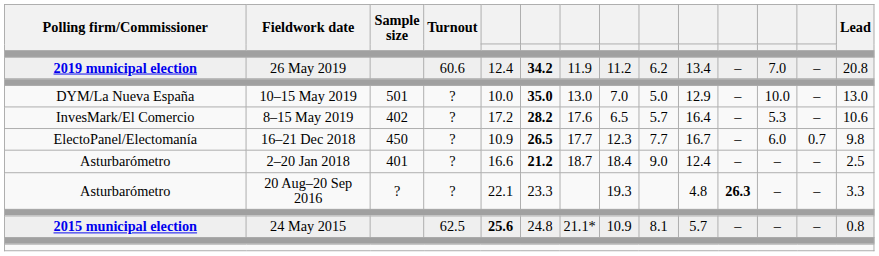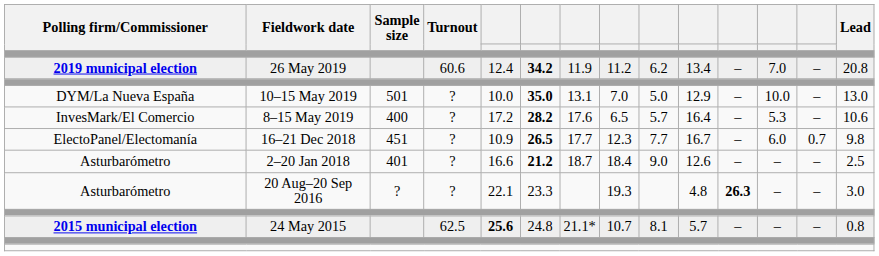 <table class="wikitable collapsible collapsed" style="text-align:center; font-size:95%; line-height:16px;">
 <tr style="height:42px;">
 <th style="width:250px;" rowspan="2">Polling firm/Commissioner</th>
 <th style="width:125px;" rowspan="2">Fieldwork date</th>
 <th style="width:50px;" rowspan="2">Sample size</th>
 <th style="width:45px;" rowspan="2">Turnout</th>
 <th style="width:35px;"></th>
 <th style="width:35px;"></th>
 <th style="width:35px;"></th>
 <th style="width:35px;"></th>
 <th style="width:35px;"></th>
 <th style="width:35px;"></th>
 <th style="width:35px;"></th>
 <th style="width:35px;"></th>
 <th style="width:35px;"></th>
 <th style="width:30px;" rowspan="2">Lead</th>
 </tr>
 <tr>
 <th style="color:inherit;background:"></th>
 <th style="color:inherit;background:"></th>
 <th style="color:inherit;background:"></th>
 <th style="color:inherit;background:"></th>
 <th style="color:inherit;background:"></th>
 <th style="color:inherit;background:"></th>
 <th style="color:inherit;background:"></th>
 <th style="color:inherit;background:"></th>
 <th style="color:inherit;background:"></th>
 </tr>
 <tr>
 <td colspan="14" style="background:#A0A0A0"></td>
 </tr>
 <tr style="background:#EFEFEF;">
 <td><strong><a href='#'>2019 municipal election</a></strong></td>
 <td>26 May 2019</td>
 <td></td>
 <td>60.6</td>
 <td>12.4<br></td>
 <td><strong>34.2</strong><br></td>
 <td>11.9<br></td>
 <td>11.2<br></td>
 <td>6.2<br></td>
 <td>13.4<br></td>
 <td>–</td>
 <td>7.0<br></td>
 <td>–</td>
 <td style="background:">20.8</td>
 </tr>
 <tr>
 <td colspan="14" style="background:#A0A0A0"></td>
 </tr>
 <tr>
 <td>DYM/La Nueva España</td>
 <td>10–15 May 2019</td>
 <td>501</td>
 <td>?</td>
 <td>10.0<br></td>
 <td><strong>35.0</strong><br></td>
-<td>13.0<br></td>
+<td>13.1<br></td>
 <td>7.0<br></td>
 <td>5.0<br></td>
 <td>12.9<br></td>
 <td>–</td>
 <td>10.0<br></td>
 <td>–</td>
 <td style="background:">13.0</td>
 </tr>
 <tr>
 <td>InvesMark/El Comercio</td>
 <td>8–15 May 2019</td>
-<td>402</td>
+<td>400</td>
 <td>?</td>
 <td>17.2<br></td>
 <td><strong>28.2</strong><br></td>
 <td>17.6<br></td>
 <td>6.5<br></td>
 <td>5.7<br></td>
 <td>16.4<br></td>
 <td>–</td>
 <td>5.3<br></td>
 <td>–</td>
 <td style="background:">10.6</td>
 </tr>
 <tr>
 <td>ElectoPanel/Electomanía</td>
 <td>16–21 Dec 2018</td>
-<td>450</td>
+<td>451</td>
 <td>?</td>
 <td>10.9<br></td>
 <td><strong>26.5</strong><br></td>
 <td>17.7<br></td>
 <td>12.3<br></td>
 <td>7.7<br></td>
 <td>16.7<br></td>
 <td>–</td>
 <td>6.0<br></td>
 <td>0.7<br></td>
 <td style="background:">9.8</td>
 </tr>
 <tr>
 <td>Asturbarómetro</td>
 <td>2–20 Jan 2018</td>
 <td>401</td>
 <td>?</td>
 <td>16.6<br></td>
 <td><strong>21.2</strong><br></td>
 <td>18.7<br></td>
 <td>18.4<br></td>
 <td>9.0<br></td>
-<td>12.4<br></td>
+<td>12.6<br></td>
 <td>–</td>
 <td>–</td>
 <td>–</td>
 <td style="background:">2.5</td>
 </tr>
 <tr>
 <td>Asturbarómetro</td>
 <td>20 Aug–20 Sep 2016</td>
 <td>?</td>
 <td>?</td>
 <td>22.1<br></td>
 <td>23.3<br></td>
 <td></td>
 <td>19.3<br></td>
 <td></td>
 <td>4.8<br></td>
 <td><strong>26.3</strong><br></td>
 <td>–</td>
 <td>–</td>
-<td style="background:">3.3</td>
+<td style="background:">3.0</td>
 </tr>
 <tr>
 <td colspan="14" style="background:#A0A0A0"></td>
 </tr>
 <tr style="background:#EFEFEF;">
 <td><strong><a href='#'>2015 municipal election</a></strong></td>
 <td>24 May 2015</td>
 <td></td>
 <td>62.5</td>
 <td><strong>25.6</strong><br></td>
 <td>24.8<br></td>
 <td>21.1*<br></td>
-<td>10.9<br></td>
+<td>10.7<br></td>
 <td>8.1<br></td>
 <td>5.7<br></td>
 <td>–</td>
 <td>–</td>
 <td>–</td>
 <td style="background:">0.8</td>
 </tr>
 <tr>
 <td colspan="14" style="background:#A0A0A0"></td>
 </tr>
 <tr>
 <td align="left" colspan="14"></td>
 </tr>
 </table>
